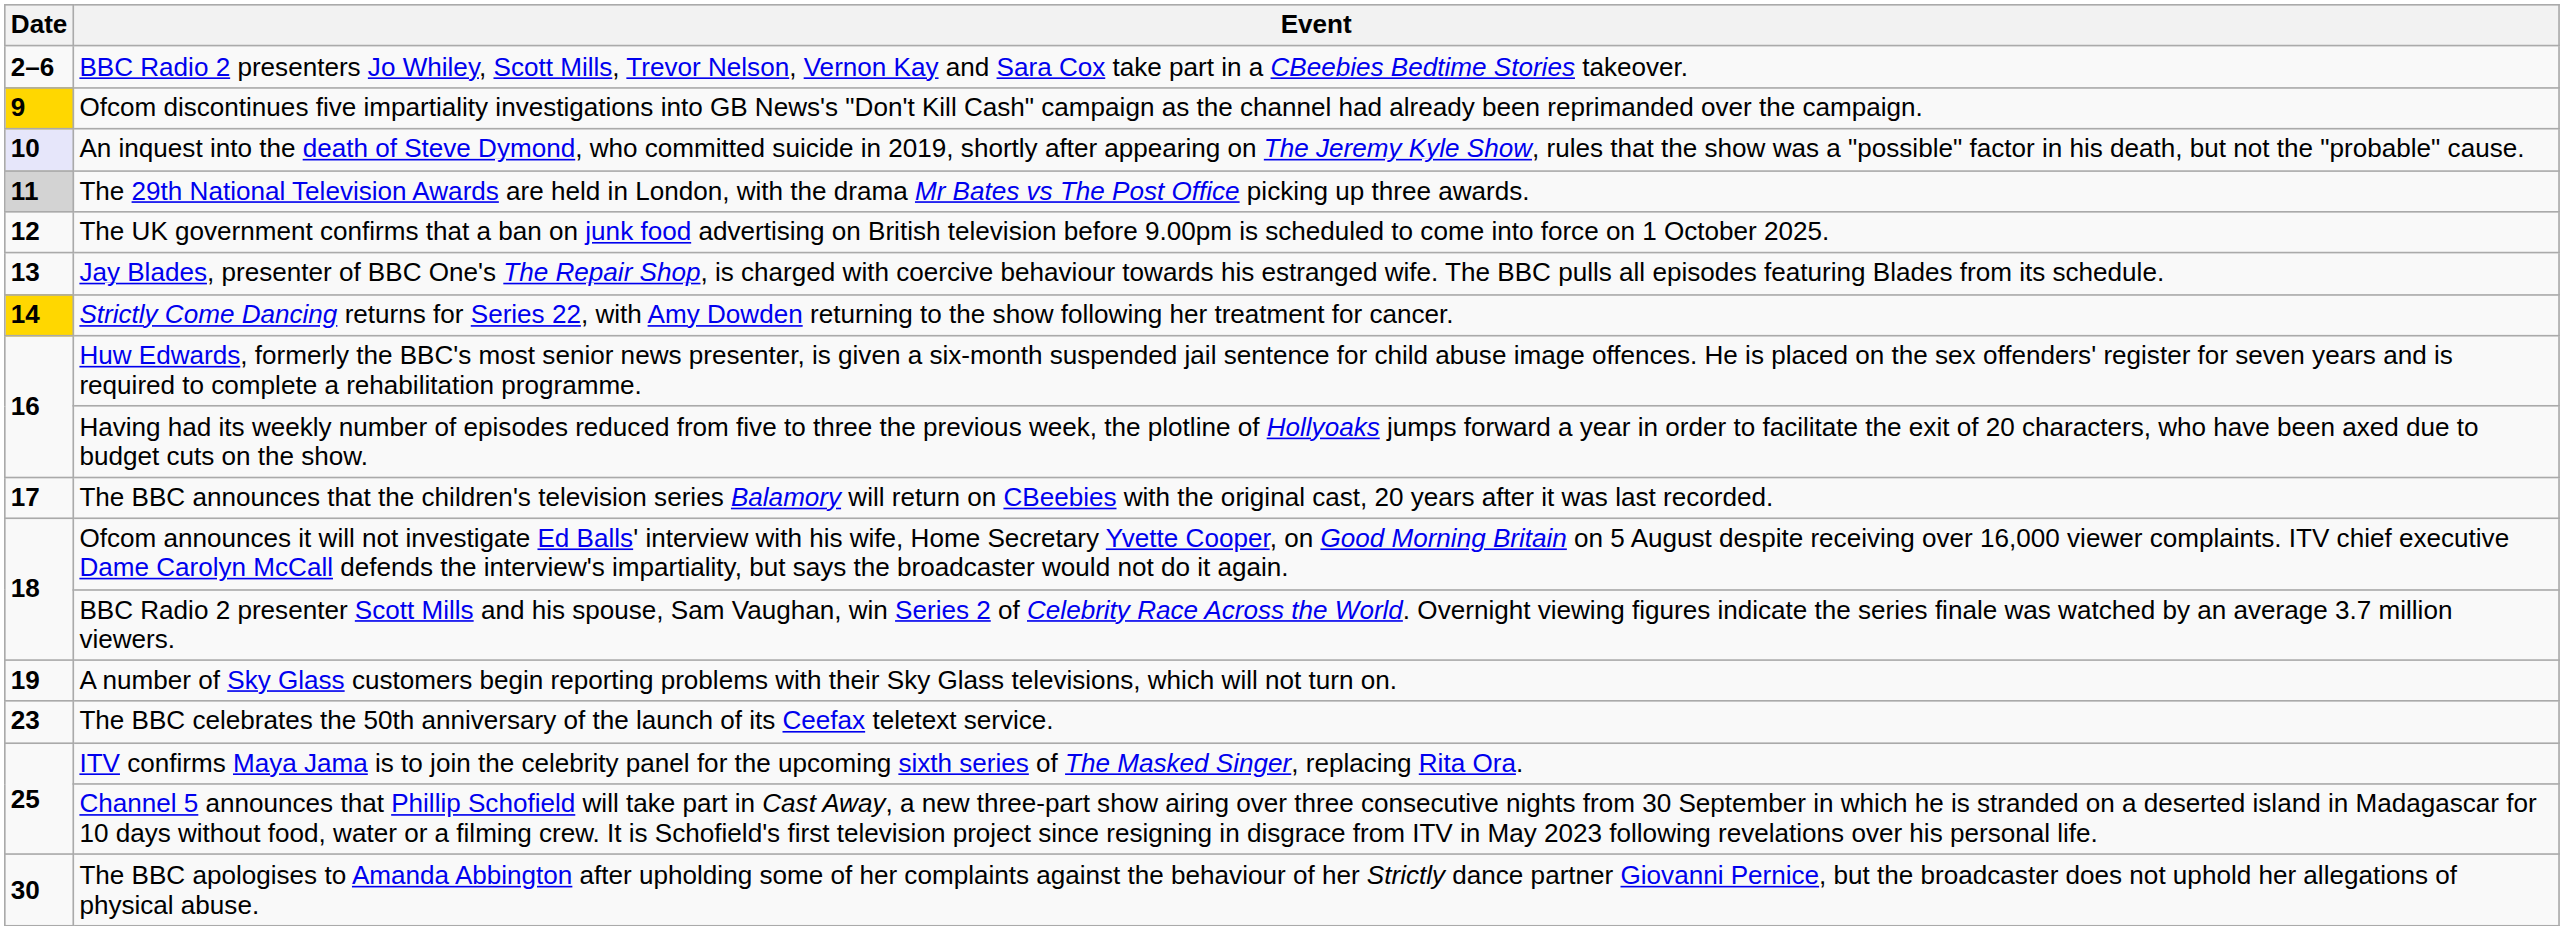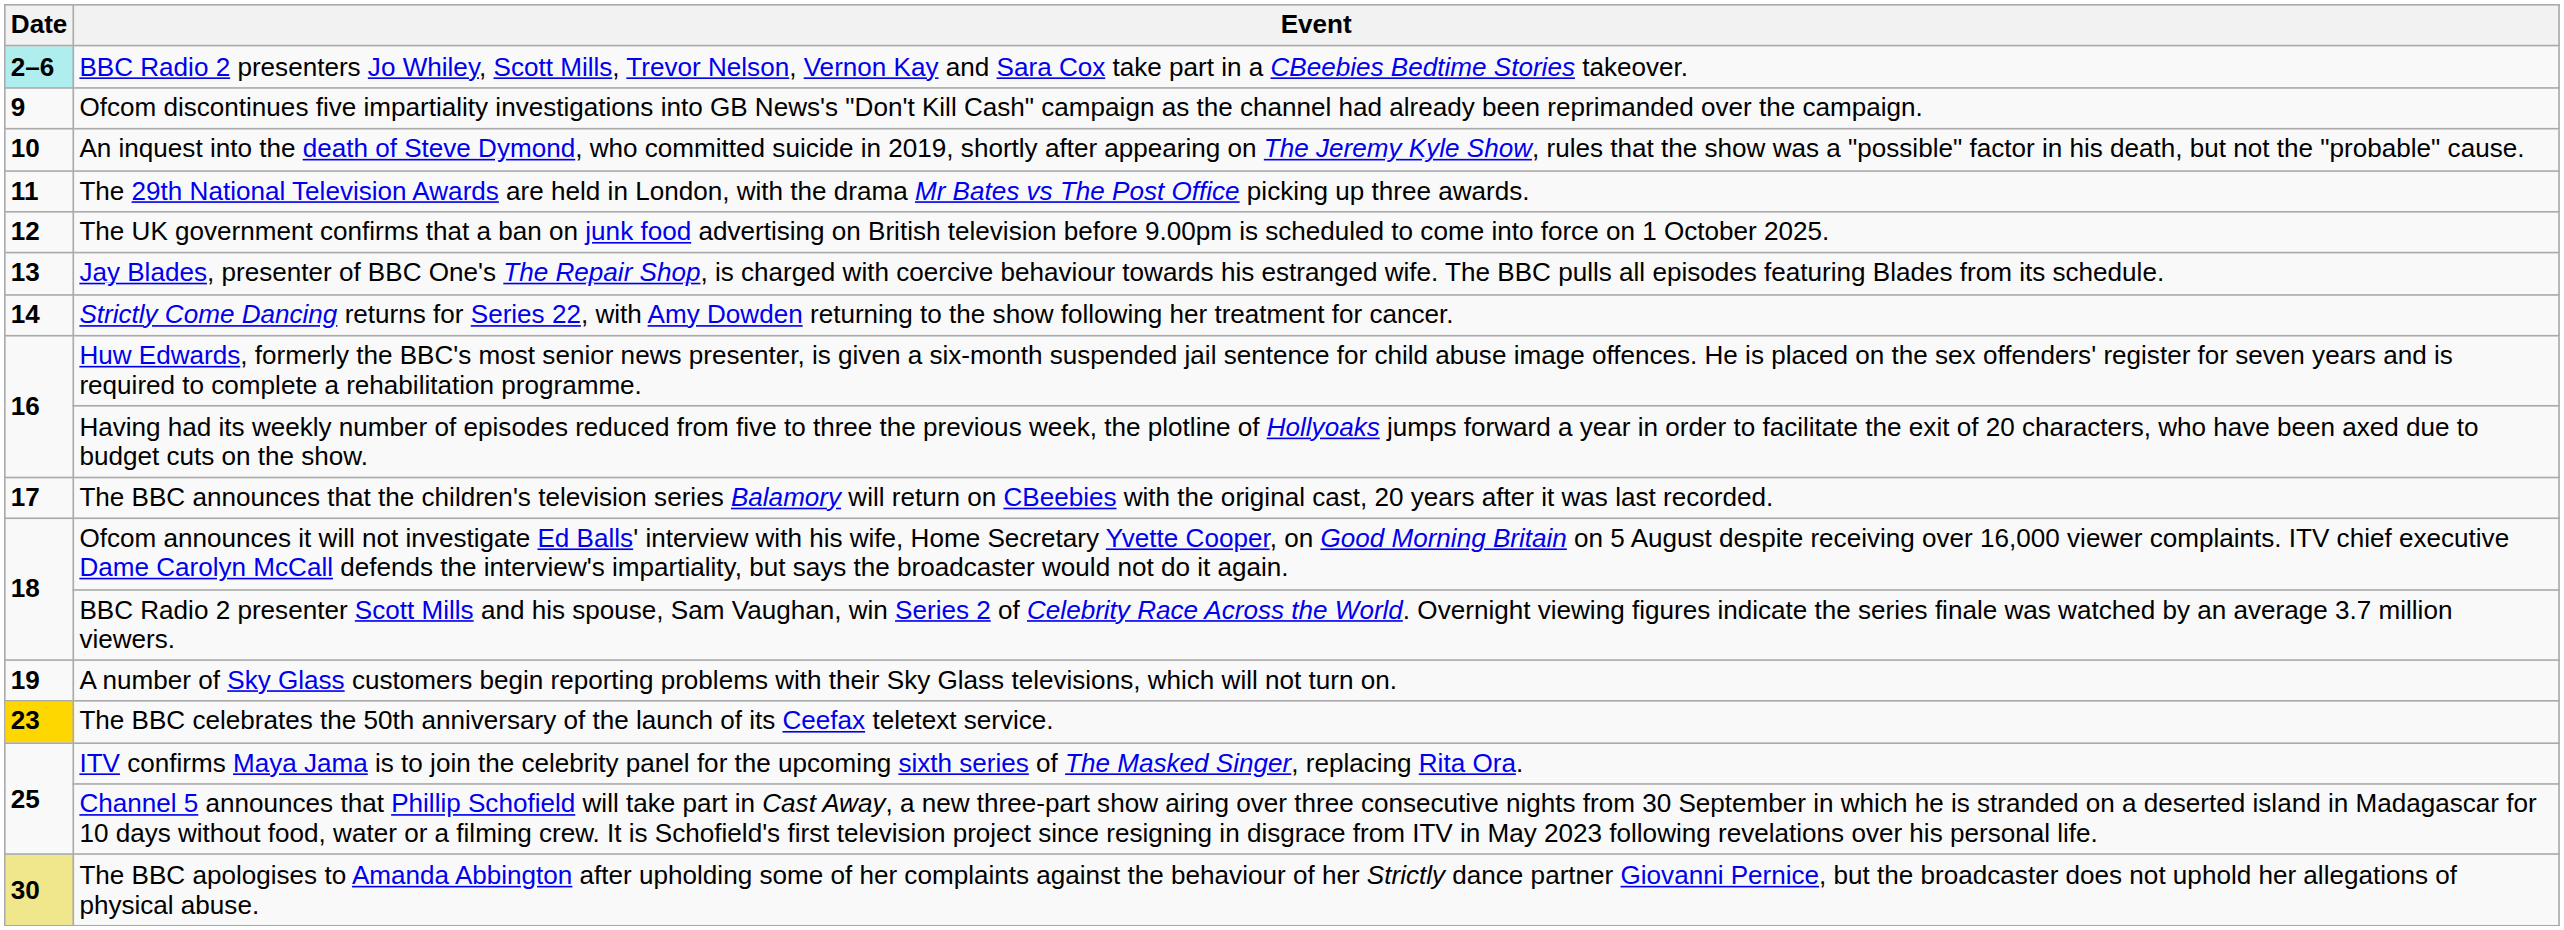 <table class="wikitable">
 <tr>
 <th>Date</th>
 <th>Event</th>
 </tr>
 <tr>
-<td><strong>2–6</strong></td>
+<td style="background: paleturquoise;"><strong>2–6</strong></td>
 <td><a href='#'>BBC Radio 2</a> presenters <a href='#'>Jo Whiley</a>, <a href='#'>Scott Mills</a>, <a href='#'>Trevor Nelson</a>, <a href='#'>Vernon Kay</a> and <a href='#'>Sara Cox</a> take part in a <em><a href='#'>CBeebies Bedtime Stories</a></em> takeover.</td>
 </tr>
 <tr>
-<td style="background: gold;"><strong>9</strong></td>
+<td><strong>9</strong></td>
 <td>Ofcom discontinues five impartiality investigations into GB News's "Don't Kill Cash" campaign as the channel had already been reprimanded over the campaign.</td>
 </tr>
 <tr>
-<td style="background: lavender;"><strong>10</strong></td>
+<td><strong>10</strong></td>
 <td>An inquest into the <a href='#'>death of Steve Dymond</a>, who committed suicide in 2019, shortly after appearing on <em><a href='#'>The Jeremy Kyle Show</a></em>, rules that the show was a "possible" factor in his death, but not the "probable" cause.</td>
 </tr>
 <tr>
-<td style="background: lightgrey;"><strong>11</strong></td>
+<td><strong>11</strong></td>
 <td>The <a href='#'>29th National Television Awards</a> are held in London, with the drama <em><a href='#'>Mr Bates vs The Post Office</a></em> picking up three awards.</td>
 </tr>
 <tr>
 <td><strong>12</strong></td>
 <td>The UK government confirms that a ban on <a href='#'>junk food</a> advertising on British television before 9.00pm is scheduled to come into force on 1 October 2025.</td>
 </tr>
 <tr>
 <td><strong>13</strong></td>
 <td><a href='#'>Jay Blades</a>, presenter of BBC One's <em><a href='#'>The Repair Shop</a></em>, is charged with coercive behaviour towards his estranged wife. The BBC pulls all episodes featuring Blades from its schedule.</td>
 </tr>
 <tr>
-<td style="background: gold;"><strong>14</strong></td>
+<td><strong>14</strong></td>
 <td><em><a href='#'>Strictly Come Dancing</a></em> returns for <a href='#'>Series 22</a>, with <a href='#'>Amy Dowden</a> returning to the show following her treatment for cancer.</td>
 </tr>
 <tr>
 <td rowspan=2><strong>16</strong></td>
 <td><a href='#'>Huw Edwards</a>, formerly the BBC's most senior news presenter, is given a six-month suspended jail sentence for child abuse image offences. He is placed on the sex offenders' register for seven years and is required to complete a rehabilitation programme.</td>
 </tr>
 <tr>
 <td>Having had its weekly number of episodes reduced from five to three the previous week, the plotline of <em><a href='#'>Hollyoaks</a></em> jumps forward a year in order to facilitate the exit of 20 characters, who have been axed due to budget cuts on the show.</td>
 </tr>
 <tr>
 <td><strong>17</strong></td>
 <td>The BBC announces that the children's television series <em><a href='#'>Balamory</a></em> will return on <a href='#'>CBeebies</a> with the original cast, 20 years after it was last recorded.</td>
 </tr>
 <tr>
 <td rowspan=2><strong>18</strong></td>
 <td>Ofcom announces it will not investigate <a href='#'>Ed Balls</a>' interview with his wife, Home Secretary <a href='#'>Yvette Cooper</a>, on <em><a href='#'>Good Morning Britain</a></em> on 5 August despite receiving over 16,000 viewer complaints. ITV chief executive <a href='#'>Dame Carolyn McCall</a> defends the interview's impartiality, but says the broadcaster would not do it again.</td>
 </tr>
 <tr>
 <td>BBC Radio 2 presenter <a href='#'>Scott Mills</a> and his spouse, Sam Vaughan, win <a href='#'>Series 2</a> of <em><a href='#'>Celebrity Race Across the World</a></em>. Overnight viewing figures indicate the series finale was watched by an average 3.7 million viewers.</td>
 </tr>
 <tr>
 <td><strong>19</strong></td>
 <td>A number of <a href='#'>Sky Glass</a> customers begin reporting problems with their Sky Glass televisions, which will not turn on.</td>
 </tr>
 <tr>
-<td><strong>23</strong></td>
+<td style="background: gold;"><strong>23</strong></td>
 <td>The BBC celebrates the 50th anniversary of the launch of its <a href='#'>Ceefax</a> teletext service.</td>
 </tr>
 <tr>
 <td rowspan=2><strong>25</strong></td>
 <td><a href='#'>ITV</a> confirms <a href='#'>Maya Jama</a> is to join the celebrity panel for the upcoming <a href='#'>sixth series</a> of <em><a href='#'>The Masked Singer</a></em>, replacing <a href='#'>Rita Ora</a>.</td>
 </tr>
 <tr>
 <td><a href='#'>Channel 5</a> announces that <a href='#'>Phillip Schofield</a> will take part in <em>Cast Away</em>, a new three-part show airing over three consecutive nights from 30 September in which he is stranded on a deserted island in Madagascar for 10 days without food, water or a filming crew. It is Schofield's first television project since resigning in disgrace from ITV in May 2023 following revelations over his personal life.</td>
 </tr>
 <tr>
-<td><strong>30</strong></td>
+<td style="background: khaki;"><strong>30</strong></td>
 <td>The BBC apologises to <a href='#'>Amanda Abbington</a> after upholding some of her complaints against the behaviour of her <em>Strictly</em> dance partner <a href='#'>Giovanni Pernice</a>, but the broadcaster does not uphold her allegations of physical abuse.</td>
 </tr>
 </table>
